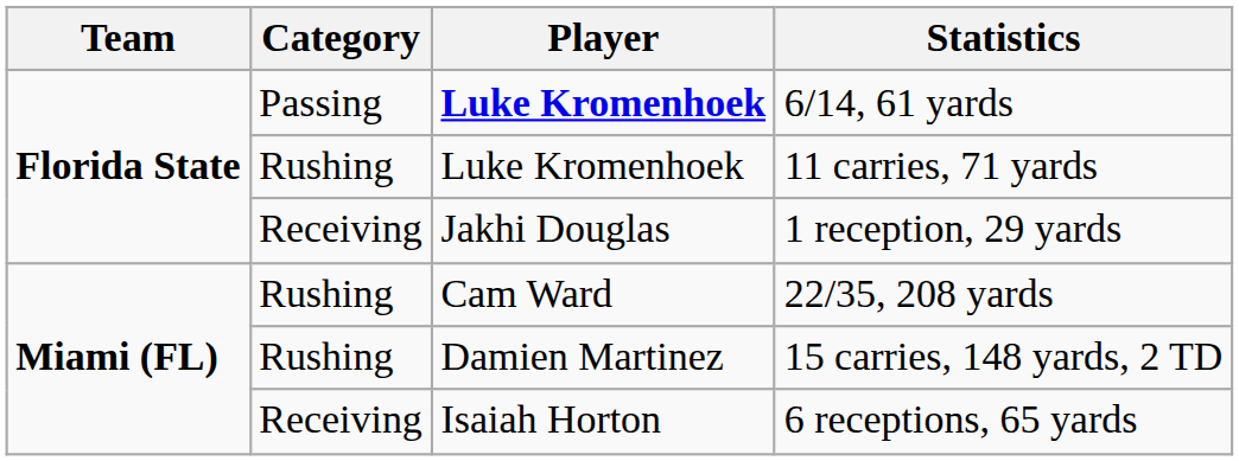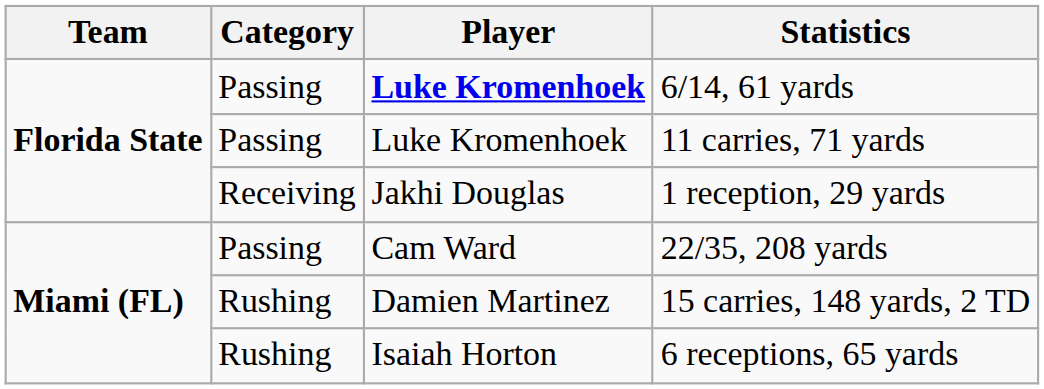 <table class="wikitable" style="float: right;">
 <tr>
 <th>Team</th>
 <th>Category</th>
 <th>Player</th>
 <th>Statistics</th>
 </tr>
 <tr>
 <td rowspan=3><strong>Florida State</strong></td>
 <td>Passing</td>
 <td><strong><a href='#'>Luke Kromenhoek</a></strong></td>
 <td>6/14, 61 yards</td>
 </tr>
 <tr>
-<td>Rushing</td>
+<td>Passing</td>
 <td>Luke Kromenhoek</td>
 <td>11 carries, 71 yards</td>
 </tr>
 <tr>
 <td>Receiving</td>
 <td>Jakhi Douglas</td>
 <td>1 reception, 29 yards</td>
 </tr>
 <tr>
 <td rowspan=3><strong>Miami (FL)</strong></td>
-<td>Rushing</td>
+<td>Passing</td>
 <td>Cam Ward</td>
 <td>22/35, 208 yards</td>
 </tr>
 <tr>
 <td>Rushing</td>
 <td>Damien Martinez</td>
 <td>15 carries, 148 yards, 2 TD</td>
 </tr>
 <tr>
-<td>Receiving</td>
+<td>Rushing</td>
 <td>Isaiah Horton</td>
 <td>6 receptions, 65 yards</td>
 </tr>
 </table>
